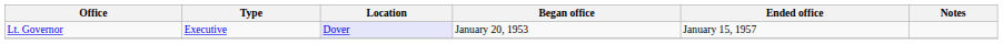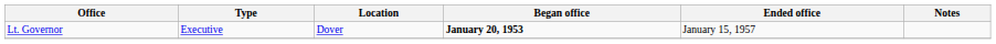 <table class=wikitable style="width: 94%" style="text-align: center;" align="center">
 <tr>
 <th>Office</th>
 <th>Type</th>
 <th>Location</th>
 <th>Began office</th>
 <th>Ended office</th>
 <th>Notes</th>
 </tr>
 <tr>
 <td><a href='#'>Lt. Governor</a></td>
 <td><a href='#'>Executive</a></td>
-<td style="background: lavender;"><a href='#'>Dover</a></td>
-<td>January 20, 1953</td>
+<td><a href='#'>Dover</a></td>
+<td><strong>January 20, 1953</strong></td>
 <td>January 15, 1957</td>
 <td></td>
 </tr>
 <tr>
 </tr>
 </table>
